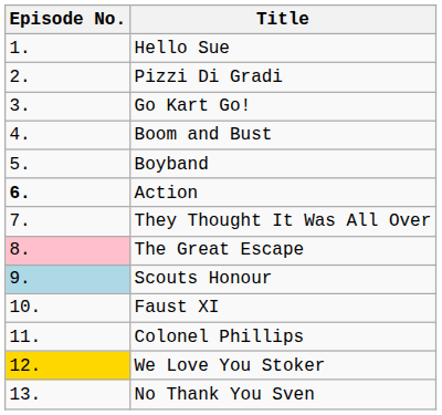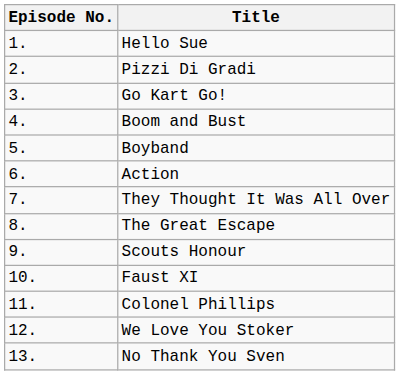 <table class="wikitable" border="1">
 <tr>
 <th>Episode No.</th>
 <th>Title</th>
 </tr>
 <tr>
 <td>1.</td>
 <td>Hello Sue</td>
 </tr>
 <tr>
 <td>2.</td>
 <td>Pizzi Di Gradi</td>
 </tr>
 <tr>
 <td>3.</td>
 <td>Go Kart Go!</td>
 </tr>
 <tr>
 <td>4.</td>
 <td>Boom and Bust</td>
 </tr>
 <tr>
 <td>5.</td>
 <td>Boyband</td>
 </tr>
 <tr>
-<td><strong>6.</strong></td>
+<td>6.</td>
 <td>Action</td>
 </tr>
 <tr>
 <td>7.</td>
 <td>They Thought It Was All Over</td>
 </tr>
 <tr>
-<td style="background: pink;">8.</td>
+<td>8.</td>
 <td>The Great Escape</td>
 </tr>
 <tr>
-<td style="background: lightblue;">9.</td>
+<td>9.</td>
 <td>Scouts Honour</td>
 </tr>
 <tr>
 <td>10.</td>
 <td>Faust XI</td>
 </tr>
 <tr>
 <td>11.</td>
 <td>Colonel Phillips</td>
 </tr>
 <tr>
-<td style="background: gold;">12.</td>
+<td>12.</td>
 <td>We Love You Stoker</td>
 </tr>
 <tr>
 <td>13.</td>
 <td>No Thank You Sven</td>
 </tr>
 </table>
